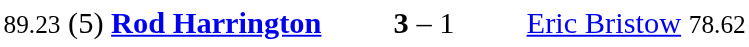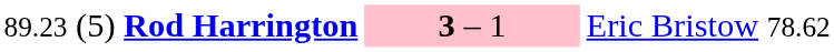 <table style="text-align:center">
 <tr>
 <th width=223></th>
 <th width=100></th>
 <th width=223></th>
 </tr>
 <tr>
 <td align=right><small>89.23</small> (5) <strong><a href='#'>Rod Harrington</a></strong> </td>
-<td><strong>3</strong> – 1</td>
+<td style="background: pink;"><strong>3</strong> – 1</td>
 <td align=left> <a href='#'>Eric Bristow</a> <small>78.62</small></td>
 </tr>
 </table>
